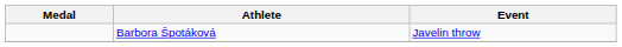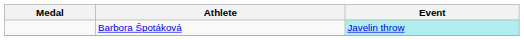 <table class="wikitable" style="font-size:90%" width=60%>
 <tr>
 <th>Medal</th>
 <th>Athlete</th>
 <th>Event</th>
 </tr>
 <tr>
 <td></td>
 <td><a href='#'>Barbora Špotáková</a></td>
-<td><a href='#'>Javelin throw</a></td>
+<td style="background: paleturquoise;"><a href='#'>Javelin throw</a></td>
 </tr>
 <tr>
 </tr>
 </table>
